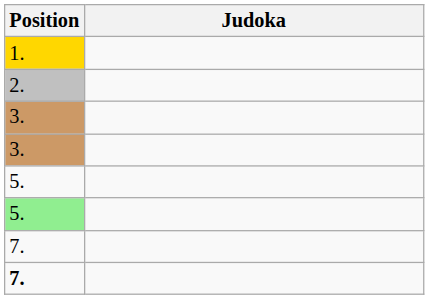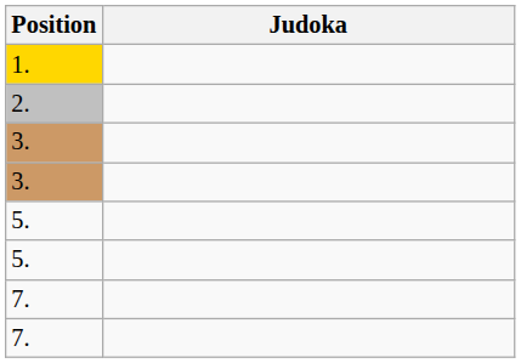 <table class=wikitable>
 <tr>
 <th>Position</th>
 <th width=260>Judoka</th>
 </tr>
 <tr>
 <td bgcolor=gold>1.</td>
 <td></td>
 </tr>
 <tr>
 <td bgcolor=silver>2.</td>
 <td></td>
 </tr>
 <tr>
 <td bgcolor=CC9966>3.</td>
 <td></td>
 </tr>
 <tr>
 <td bgcolor=CC9966>3.</td>
 <td></td>
 </tr>
 <tr>
 <td>5.</td>
 <td></td>
 </tr>
 <tr>
-<td style="background: lightgreen;">5.</td>
+<td>5.</td>
 <td></td>
 </tr>
 <tr>
 <td>7.</td>
 <td></td>
 </tr>
 <tr>
-<td><strong>7.</strong></td>
+<td>7.</td>
 <td></td>
 </tr>
 </table>
